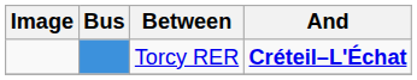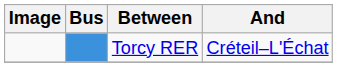 <table class="wikitable alternance centre" style="text-align:center;">
 <tr>
 <th>Image</th>
 <th>Bus</th>
 <th>Between</th>
 <th>And</th>
 </tr>
 <tr>
 <td></td>
 <td style="background:#3c91dc;"><strong></strong></td>
 <td><a href='#'>Torcy RER</a></td>
-<td><strong><a href='#'>Créteil–L'Échat</a></strong></td>
+<td><a href='#'>Créteil–L'Échat</a></td>
 </tr>
 <tr>
 </tr>
 </table>
